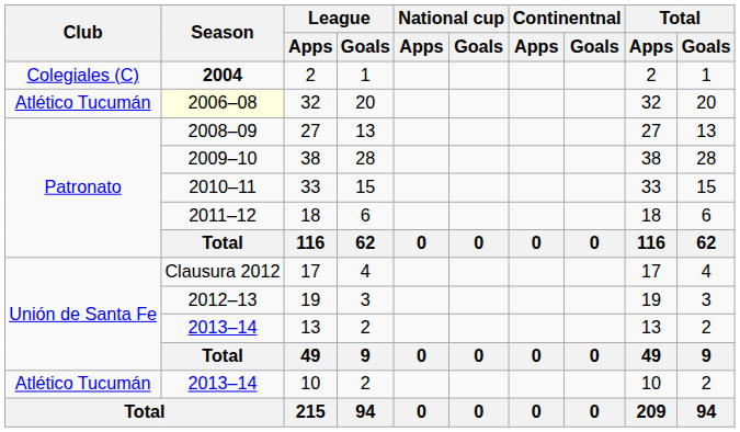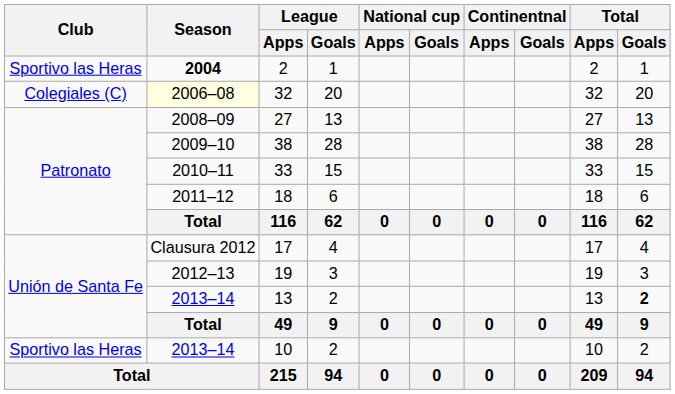 <table class="wikitable" style="text-align:center">
 <tr>
 <th rowspan="2">Club</th>
 <th rowspan="2">Season</th>
 <th colspan="2">League</th>
 <th colspan="2">National cup</th>
 <th colspan="2">Continentnal</th>
 <th colspan="2">Total</th>
 </tr>
 <tr>
 <th>Apps</th>
 <th>Goals</th>
 <th>Apps</th>
 <th>Goals</th>
 <th>Apps</th>
 <th>Goals</th>
 <th>Apps</th>
 <th>Goals</th>
 </tr>
 <tr>
-<td><a href='#'>Colegiales (C)</a></td>
+<td><a href='#'>Sportivo las Heras</a></td>
 <td><strong>2004</strong></td>
 <td>2</td>
 <td>1</td>
 <td></td>
 <td></td>
 <td></td>
 <td></td>
 <td>2</td>
 <td>1</td>
 </tr>
 <tr>
-<td><a href='#'>Atlético Tucumán</a></td>
+<td><a href='#'>Colegiales (C)</a></td>
 <td style="background: lightyellow;">2006–08</td>
 <td>32</td>
 <td>20</td>
 <td></td>
 <td></td>
 <td></td>
 <td></td>
 <td>32</td>
 <td>20</td>
 </tr>
 <tr>
 <td rowspan="5"><a href='#'>Patronato</a></td>
 <td>2008–09</td>
 <td>27</td>
 <td>13</td>
 <td></td>
 <td></td>
 <td></td>
 <td></td>
 <td>27</td>
 <td>13</td>
 </tr>
 <tr>
 <td>2009–10</td>
 <td>38</td>
 <td>28</td>
 <td></td>
 <td></td>
 <td></td>
 <td></td>
 <td>38</td>
 <td>28</td>
 </tr>
 <tr>
 <td>2010–11</td>
 <td>33</td>
 <td>15</td>
 <td></td>
 <td></td>
 <td></td>
 <td></td>
 <td>33</td>
 <td>15</td>
 </tr>
 <tr>
 <td>2011–12</td>
 <td>18</td>
 <td>6</td>
 <td></td>
 <td></td>
 <td></td>
 <td></td>
 <td>18</td>
 <td>6</td>
 </tr>
 <tr>
 <th colspan="1">Total</th>
 <th>116</th>
 <th>62</th>
 <th>0</th>
 <th>0</th>
 <th>0</th>
 <th>0</th>
 <th>116</th>
 <th>62</th>
 </tr>
 <tr>
 <td rowspan="4"><a href='#'>Unión de Santa Fe</a></td>
 <td>Clausura 2012</td>
 <td>17</td>
 <td>4</td>
 <td></td>
 <td></td>
 <td></td>
 <td></td>
 <td>17</td>
 <td>4</td>
 </tr>
 <tr>
 <td>2012–13</td>
 <td>19</td>
 <td>3</td>
 <td></td>
 <td></td>
 <td></td>
 <td></td>
 <td>19</td>
 <td>3</td>
 </tr>
 <tr>
 <td><a href='#'>2013–14</a></td>
 <td>13</td>
 <td>2</td>
 <td></td>
 <td></td>
 <td></td>
 <td></td>
 <td>13</td>
-<td>2</td>
+<td><strong>2</strong></td>
 </tr>
 <tr>
 <th colspan="1">Total</th>
 <th>49</th>
 <th>9</th>
 <th>0</th>
 <th>0</th>
 <th>0</th>
 <th>0</th>
 <th>49</th>
 <th>9</th>
 </tr>
 <tr>
-<td><a href='#'>Atlético Tucumán</a></td>
+<td><a href='#'>Sportivo las Heras</a></td>
 <td><a href='#'>2013–14</a></td>
 <td>10</td>
 <td>2</td>
 <td></td>
 <td></td>
 <td></td>
 <td></td>
 <td>10</td>
 <td>2</td>
 </tr>
 <tr>
 <th colspan="2">Total</th>
 <th>215</th>
 <th>94</th>
 <th>0</th>
 <th>0</th>
 <th>0</th>
 <th>0</th>
 <th>209</th>
 <th>94</th>
 </tr>
 </table>
